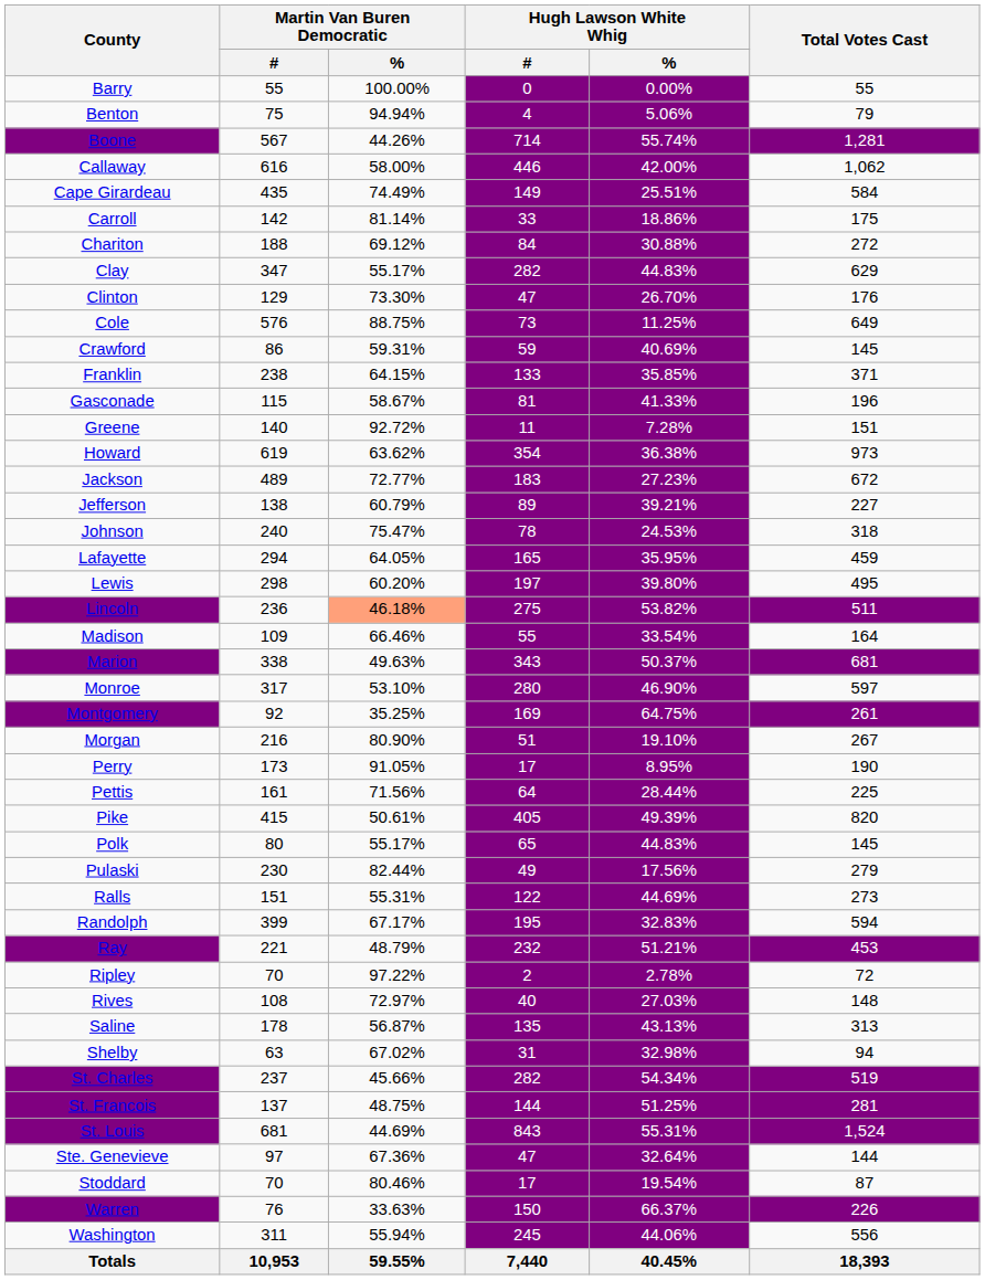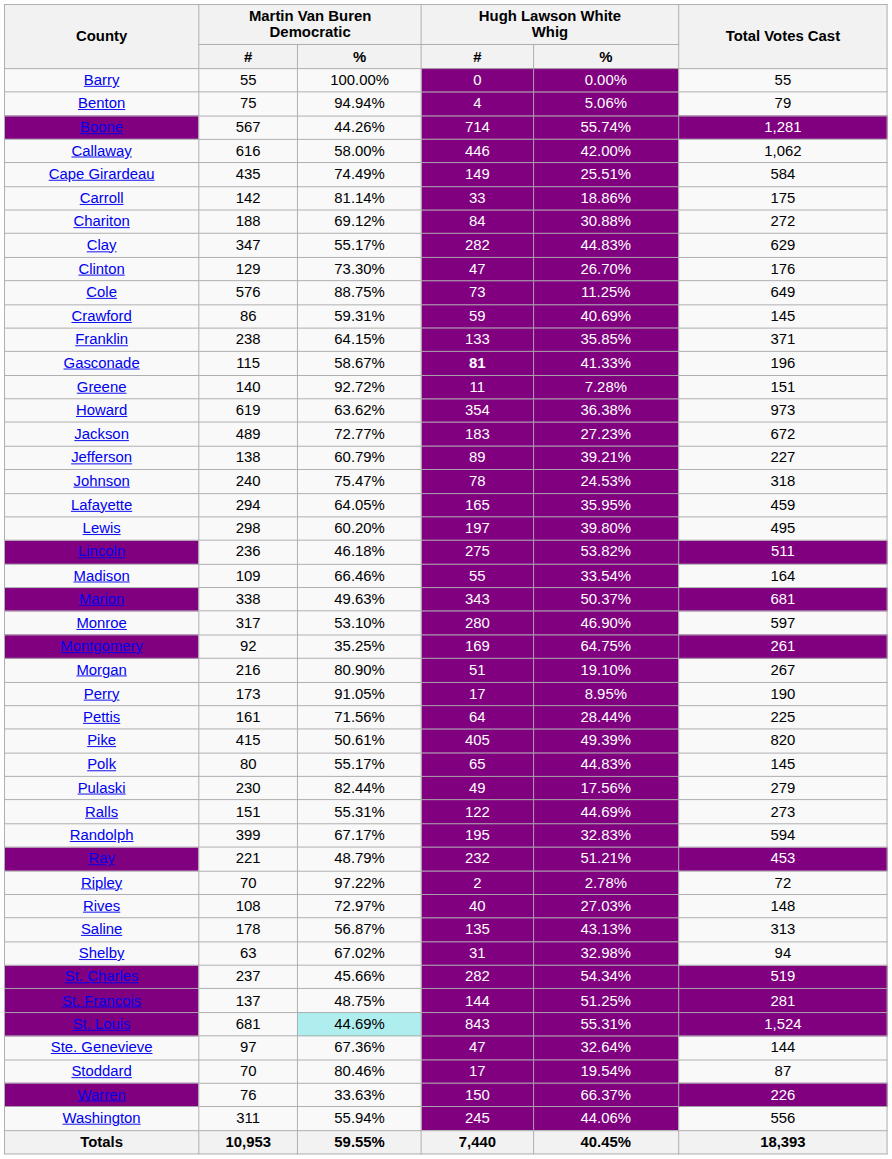 <table class="wikitable sortable" width="60%">
 <tr>
 <th rowspan="2">County</th>
 <th colspan="2">Martin Van Buren<br>Democratic</th>
 <th colspan="2">Hugh Lawson White<br>Whig</th>
 <th rowspan="2">Total Votes Cast</th>
 </tr>
 <tr>
 <th data-sort-type="number" style="text-align:center;">#</th>
 <th data-sort-type="number" style="text-align:center;">%</th>
 <th data-sort-type="number" style="text-align:center;">#</th>
 <th data-sort-type="number" style="text-align:center;">%</th>
 </tr>
 <tr style="text-align:center;">
 <td><a href='#'>Barry</a></td>
 <td>55</td>
 <td>100.00%</td>
 <td style="color:white; background:#800080;">0</td>
 <td style="color:white; background:#800080;">0.00%</td>
 <td>55</td>
 </tr>
 <tr style="text-align:center;">
 <td><a href='#'>Benton</a></td>
 <td>75</td>
 <td>94.94%</td>
 <td style="color:white; background:#800080;">4</td>
 <td style="color:white; background:#800080;">5.06%</td>
 <td>79</td>
 </tr>
 <tr style="text-align:center;">
 <td style="color:white; background:#800080;"><a href='#'>Boone</a></td>
 <td>567</td>
 <td>44.26%</td>
 <td style="color:white; background:#800080;">714</td>
 <td style="color:white; background:#800080;">55.74%</td>
 <td style="color:white; background:#800080;">1,281</td>
 </tr>
 <tr style="text-align:center;">
 <td><a href='#'>Callaway</a></td>
 <td>616</td>
 <td>58.00%</td>
 <td style="color:white; background:#800080;">446</td>
 <td style="color:white; background:#800080;">42.00%</td>
 <td>1,062</td>
 </tr>
 <tr style="text-align:center;">
 <td><a href='#'>Cape Girardeau</a></td>
 <td>435</td>
 <td>74.49%</td>
 <td style="color:white; background:#800080;">149</td>
 <td style="color:white; background:#800080;">25.51%</td>
 <td>584</td>
 </tr>
 <tr style="text-align:center;">
 <td><a href='#'>Carroll</a></td>
 <td>142</td>
 <td>81.14%</td>
 <td style="color:white; background:#800080;">33</td>
 <td style="color:white; background:#800080;">18.86%</td>
 <td>175</td>
 </tr>
 <tr style="text-align:center;">
 <td><a href='#'>Chariton</a></td>
 <td>188</td>
 <td>69.12%</td>
 <td style="color:white; background:#800080;">84</td>
 <td style="color:white; background:#800080;">30.88%</td>
 <td>272</td>
 </tr>
 <tr style="text-align:center;">
 <td><a href='#'>Clay</a></td>
 <td>347</td>
 <td>55.17%</td>
 <td style="color:white; background:#800080;">282</td>
 <td style="color:white; background:#800080;">44.83%</td>
 <td>629</td>
 </tr>
 <tr style="text-align:center;">
 <td><a href='#'>Clinton</a></td>
 <td>129</td>
 <td>73.30%</td>
 <td style="color:white; background:#800080;">47</td>
 <td style="color:white; background:#800080;">26.70%</td>
 <td>176</td>
 </tr>
 <tr style="text-align:center;">
 <td><a href='#'>Cole</a></td>
 <td>576</td>
 <td>88.75%</td>
 <td style="color:white; background:#800080;">73</td>
 <td style="color:white; background:#800080;">11.25%</td>
 <td>649</td>
 </tr>
 <tr style="text-align:center;">
 <td><a href='#'>Crawford</a></td>
 <td>86</td>
 <td>59.31%</td>
 <td style="color:white; background:#800080;">59</td>
 <td style="color:white; background:#800080;">40.69%</td>
 <td>145</td>
 </tr>
 <tr style="text-align:center;">
 <td><a href='#'>Franklin</a></td>
 <td>238</td>
 <td>64.15%</td>
 <td style="color:white; background:#800080;">133</td>
 <td style="color:white; background:#800080;">35.85%</td>
 <td>371</td>
 </tr>
 <tr style="text-align:center;">
 <td><a href='#'>Gasconade</a></td>
 <td>115</td>
 <td>58.67%</td>
-<td style="color:white; background:#800080;">81</td>
+<td style="color:white; background:#800080;"><strong>81</strong></td>
 <td style="color:white; background:#800080;">41.33%</td>
 <td>196</td>
 </tr>
 <tr style="text-align:center;">
 <td><a href='#'>Greene</a></td>
 <td>140</td>
 <td>92.72%</td>
 <td style="color:white; background:#800080;">11</td>
 <td style="color:white; background:#800080;">7.28%</td>
 <td>151</td>
 </tr>
 <tr style="text-align:center;">
 <td><a href='#'>Howard</a></td>
 <td>619</td>
 <td>63.62%</td>
 <td style="color:white; background:#800080;">354</td>
 <td style="color:white; background:#800080;">36.38%</td>
 <td>973</td>
 </tr>
 <tr style="text-align:center;">
 <td><a href='#'>Jackson</a></td>
 <td>489</td>
 <td>72.77%</td>
 <td style="color:white; background:#800080;">183</td>
 <td style="color:white; background:#800080;">27.23%</td>
 <td>672</td>
 </tr>
 <tr style="text-align:center;">
 <td><a href='#'>Jefferson</a></td>
 <td>138</td>
 <td>60.79%</td>
 <td style="color:white; background:#800080;">89</td>
 <td style="color:white; background:#800080;">39.21%</td>
 <td>227</td>
 </tr>
 <tr style="text-align:center;">
 <td><a href='#'>Johnson</a></td>
 <td>240</td>
 <td>75.47%</td>
 <td style="color:white; background:#800080;">78</td>
 <td style="color:white; background:#800080;">24.53%</td>
 <td>318</td>
 </tr>
 <tr style="text-align:center;">
 <td><a href='#'>Lafayette</a></td>
 <td>294</td>
 <td>64.05%</td>
 <td style="color:white; background:#800080;">165</td>
 <td style="color:white; background:#800080;">35.95%</td>
 <td>459</td>
 </tr>
 <tr style="text-align:center;">
 <td><a href='#'>Lewis</a></td>
 <td>298</td>
 <td>60.20%</td>
 <td style="color:white; background:#800080;">197</td>
 <td style="color:white; background:#800080;">39.80%</td>
 <td>495</td>
 </tr>
 <tr style="text-align:center;">
 <td style="color:white; background:#800080;"><a href='#'>Lincoln</a></td>
 <td>236</td>
-<td style="background: lightsalmon;">46.18%</td>
+<td>46.18%</td>
 <td style="color:white; background:#800080;">275</td>
 <td style="color:white; background:#800080;">53.82%</td>
 <td style="color:white; background:#800080;">511</td>
 </tr>
 <tr style="text-align:center;">
 <td><a href='#'>Madison</a></td>
 <td>109</td>
 <td>66.46%</td>
 <td style="color:white; background:#800080;">55</td>
 <td style="color:white; background:#800080;">33.54%</td>
 <td>164</td>
 </tr>
 <tr style="text-align:center;">
 <td style="color:white; background:#800080;"><a href='#'>Marion</a></td>
 <td>338</td>
 <td>49.63%</td>
 <td style="color:white; background:#800080;">343</td>
 <td style="color:white; background:#800080;">50.37%</td>
 <td style="color:white; background:#800080;">681</td>
 </tr>
 <tr style="text-align:center;">
 <td><a href='#'>Monroe</a></td>
 <td>317</td>
 <td>53.10%</td>
 <td style="color:white; background:#800080;">280</td>
 <td style="color:white; background:#800080;">46.90%</td>
 <td>597</td>
 </tr>
 <tr style="text-align:center;">
 <td style="color:white; background:#800080;"><a href='#'>Montgomery</a></td>
 <td>92</td>
 <td>35.25%</td>
 <td style="color:white; background:#800080;">169</td>
 <td style="color:white; background:#800080;">64.75%</td>
 <td style="color:white; background:#800080;">261</td>
 </tr>
 <tr style="text-align:center;">
 <td><a href='#'>Morgan</a></td>
 <td>216</td>
 <td>80.90%</td>
 <td style="color:white; background:#800080;">51</td>
 <td style="color:white; background:#800080;">19.10%</td>
 <td>267</td>
 </tr>
 <tr style="text-align:center;">
 <td><a href='#'>Perry</a></td>
 <td>173</td>
 <td>91.05%</td>
 <td style="color:white; background:#800080;">17</td>
 <td style="color:white; background:#800080;">8.95%</td>
 <td>190</td>
 </tr>
 <tr style="text-align:center;">
 <td><a href='#'>Pettis</a></td>
 <td>161</td>
 <td>71.56%</td>
 <td style="color:white; background:#800080;">64</td>
 <td style="color:white; background:#800080;">28.44%</td>
 <td>225</td>
 </tr>
 <tr style="text-align:center;">
 <td><a href='#'>Pike</a></td>
 <td>415</td>
 <td>50.61%</td>
 <td style="color:white; background:#800080;">405</td>
 <td style="color:white; background:#800080;">49.39%</td>
 <td>820</td>
 </tr>
 <tr style="text-align:center;">
 <td><a href='#'>Polk</a></td>
 <td>80</td>
 <td>55.17%</td>
 <td style="color:white; background:#800080;">65</td>
 <td style="color:white; background:#800080;">44.83%</td>
 <td>145</td>
 </tr>
 <tr style="text-align:center;">
 <td><a href='#'>Pulaski</a></td>
 <td>230</td>
 <td>82.44%</td>
 <td style="color:white; background:#800080;">49</td>
 <td style="color:white; background:#800080;">17.56%</td>
 <td>279</td>
 </tr>
 <tr style="text-align:center;">
 <td><a href='#'>Ralls</a></td>
 <td>151</td>
 <td>55.31%</td>
 <td style="color:white; background:#800080;">122</td>
 <td style="color:white; background:#800080;">44.69%</td>
 <td>273</td>
 </tr>
 <tr style="text-align:center;">
 <td><a href='#'>Randolph</a></td>
 <td>399</td>
 <td>67.17%</td>
 <td style="color:white; background:#800080;">195</td>
 <td style="color:white; background:#800080;">32.83%</td>
 <td>594</td>
 </tr>
 <tr style="text-align:center;">
 <td style="color:white; background:#800080;"><a href='#'>Ray</a></td>
 <td>221</td>
 <td>48.79%</td>
 <td style="color:white; background:#800080;">232</td>
 <td style="color:white; background:#800080;">51.21%</td>
 <td style="color:white; background:#800080;">453</td>
 </tr>
 <tr style="text-align:center;">
 <td><a href='#'>Ripley</a></td>
 <td>70</td>
 <td>97.22%</td>
 <td style="color:white; background:#800080;">2</td>
 <td style="color:white; background:#800080;">2.78%</td>
 <td>72</td>
 </tr>
 <tr style="text-align:center;">
 <td><a href='#'>Rives</a></td>
 <td>108</td>
 <td>72.97%</td>
 <td style="color:white; background:#800080;">40</td>
 <td style="color:white; background:#800080;">27.03%</td>
 <td>148</td>
 </tr>
 <tr style="text-align:center;">
 <td><a href='#'>Saline</a></td>
 <td>178</td>
 <td>56.87%</td>
 <td style="color:white; background:#800080;">135</td>
 <td style="color:white; background:#800080;">43.13%</td>
 <td>313</td>
 </tr>
 <tr style="text-align:center;">
 <td><a href='#'>Shelby</a></td>
 <td>63</td>
 <td>67.02%</td>
 <td style="color:white; background:#800080;">31</td>
 <td style="color:white; background:#800080;">32.98%</td>
 <td>94</td>
 </tr>
 <tr style="text-align:center;">
 <td style="color:white; background:#800080;"><a href='#'>St. Charles</a></td>
 <td>237</td>
 <td>45.66%</td>
 <td style="color:white; background:#800080;">282</td>
 <td style="color:white; background:#800080;">54.34%</td>
 <td style="color:white; background:#800080;">519</td>
 </tr>
 <tr style="text-align:center;">
 <td style="color:white; background:#800080;"><a href='#'>St. Francois</a></td>
 <td>137</td>
 <td>48.75%</td>
 <td style="color:white; background:#800080;">144</td>
 <td style="color:white; background:#800080;">51.25%</td>
 <td style="color:white; background:#800080;">281</td>
 </tr>
 <tr style="text-align:center;">
 <td style="color:white; background:#800080;"><a href='#'>St. Louis</a></td>
 <td>681</td>
-<td>44.69%</td>
+<td style="background: paleturquoise;">44.69%</td>
 <td style="color:white; background:#800080;">843</td>
 <td style="color:white; background:#800080;">55.31%</td>
 <td style="color:white; background:#800080;">1,524</td>
 </tr>
 <tr style="text-align:center;">
 <td><a href='#'>Ste. Genevieve</a></td>
 <td>97</td>
 <td>67.36%</td>
 <td style="color:white; background:#800080;">47</td>
 <td style="color:white; background:#800080;">32.64%</td>
 <td>144</td>
 </tr>
 <tr style="text-align:center;">
 <td><a href='#'>Stoddard</a></td>
 <td>70</td>
 <td>80.46%</td>
 <td style="color:white; background:#800080;">17</td>
 <td style="color:white; background:#800080;">19.54%</td>
 <td>87</td>
 </tr>
 <tr style="text-align:center;">
 <td style="color:white; background:#800080;"><a href='#'>Warren</a></td>
 <td>76</td>
 <td>33.63%</td>
 <td style="color:white; background:#800080;">150</td>
 <td style="color:white; background:#800080;">66.37%</td>
 <td style="color:white; background:#800080;">226</td>
 </tr>
 <tr style="text-align:center;">
 <td><a href='#'>Washington</a></td>
 <td>311</td>
 <td>55.94%</td>
 <td style="color:white; background:#800080;">245</td>
 <td style="color:white; background:#800080;">44.06%</td>
 <td>556</td>
 </tr>
 <tr>
 <th>Totals</th>
 <th>10,953</th>
 <th>59.55%</th>
 <th>7,440</th>
 <th>40.45%</th>
 <th>18,393</th>
 </tr>
 </table>
